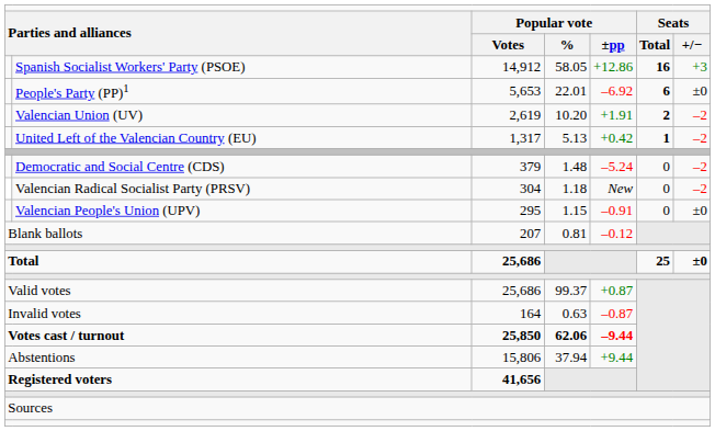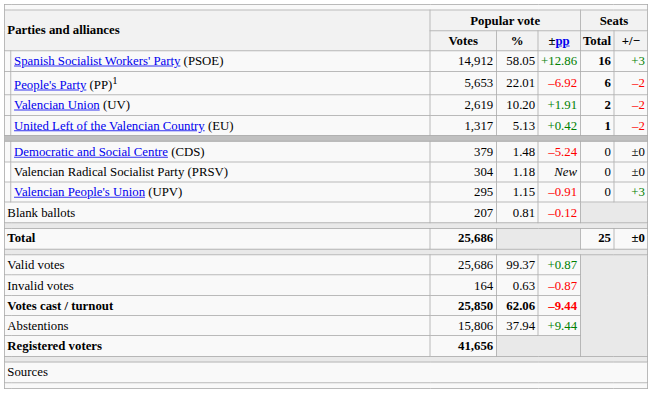 <table class="wikitable" style="text-align:right;">
 <tr>
 <td colspan="7"></td>
 </tr>
 <tr>
 <th style="text-align:left;" rowspan="2" colspan="2" width="525">Parties and alliances</th>
 <th colspan="3">Popular vote</th>
 <th colspan="2">Seats</th>
 </tr>
 <tr>
 <th width="75">Votes</th>
 <th width="45">%</th>
 <th width="45">±<a href='#'>pp</a></th>
 <th width="35">Total</th>
 <th width="35">+/−</th>
 </tr>
 <tr>
 <td width="1" style="color:inherit;background:"></td>
 <td align="left"><a href='#'>Spanish Socialist Workers' Party</a> (PSOE)</td>
 <td>14,912</td>
 <td>58.05</td>
 <td style="color:green;">+12.86</td>
 <td><strong>16</strong></td>
 <td style="color:green;">+3</td>
 </tr>
 <tr>
 <td style="color:inherit;background:"></td>
 <td align="left"><a href='#'>People's Party</a> (PP)<sup>1</sup></td>
 <td>5,653</td>
 <td>22.01</td>
 <td style="color:red;">–6.92</td>
 <td><strong>6</strong></td>
-<td>±0</td>
+<td style="color:red;">–2</td>
 </tr>
 <tr>
 <td style="color:inherit;background:"></td>
 <td align="left"><a href='#'>Valencian Union</a> (UV)</td>
 <td>2,619</td>
 <td>10.20</td>
 <td style="color:green;">+1.91</td>
 <td><strong>2</strong></td>
 <td style="color:red;">–2</td>
 </tr>
 <tr>
 <td style="color:inherit;background:"></td>
 <td align="left"><a href='#'>United Left of the Valencian Country</a> (EU)</td>
 <td>1,317</td>
 <td>5.13</td>
 <td style="color:green;">+0.42</td>
 <td><strong>1</strong></td>
 <td style="color:red;">–2</td>
 </tr>
 <tr>
 <td colspan="7" bgcolor="#C0C0C0"></td>
 </tr>
 <tr>
 <td style="color:inherit;background:"></td>
 <td align="left"><a href='#'>Democratic and Social Centre</a> (CDS)</td>
 <td>379</td>
 <td>1.48</td>
 <td style="color:red;">–5.24</td>
 <td>0</td>
-<td style="color:red;">–2</td>
+<td>±0</td>
 </tr>
 <tr>
 <td bgcolor="white"></td>
 <td align="left">Valencian Radical Socialist Party (PRSV)</td>
 <td>304</td>
 <td>1.18</td>
 <td><em>New</em></td>
 <td>0</td>
-<td style="color:red;">–2</td>
+<td>±0</td>
 </tr>
 <tr>
 <td style="color:inherit;background:"></td>
 <td align="left"><a href='#'>Valencian People's Union</a> (UPV)</td>
 <td>295</td>
 <td>1.15</td>
 <td style="color:red;">–0.91</td>
 <td>0</td>
-<td>±0</td>
+<td style="color:green;">+3</td>
 </tr>
 <tr>
 <td align="left" colspan="2">Blank ballots</td>
 <td>207</td>
 <td>0.81</td>
 <td style="color:red;">–0.12</td>
 <td bgcolor="#E9E9E9" colspan="2"></td>
 </tr>
 <tr>
 <td colspan="7" bgcolor="#E9E9E9"></td>
 </tr>
 <tr style="font-weight:bold;">
 <td align="left" colspan="2">Total</td>
 <td>25,686</td>
 <td bgcolor="#E9E9E9" colspan="2"></td>
 <td>25</td>
 <td>±0</td>
 </tr>
 <tr>
 <td colspan="7" bgcolor="#E9E9E9"></td>
 </tr>
 <tr>
 <td align="left" colspan="2">Valid votes</td>
 <td>25,686</td>
 <td>99.37</td>
 <td style="color:green;">+0.87</td>
 <td bgcolor="#E9E9E9" colspan="2" rowspan="5"></td>
 </tr>
 <tr>
 <td align="left" colspan="2">Invalid votes</td>
 <td>164</td>
 <td>0.63</td>
 <td style="color:red;">–0.87</td>
 </tr>
 <tr style="font-weight:bold;">
 <td align="left" colspan="2">Votes cast / turnout</td>
 <td>25,850</td>
 <td>62.06</td>
 <td style="color:red;">–9.44</td>
 </tr>
 <tr>
 <td align="left" colspan="2">Abstentions</td>
 <td>15,806</td>
 <td>37.94</td>
 <td style="color:green;">+9.44</td>
 </tr>
 <tr style="font-weight:bold;">
 <td align="left" colspan="2">Registered voters</td>
 <td>41,656</td>
 <td bgcolor="#E9E9E9" colspan="2"></td>
 </tr>
 <tr>
 <td colspan="7" bgcolor="#E9E9E9"></td>
 </tr>
 <tr>
 <td align="left" colspan="7">Sources</td>
 </tr>
 <tr>
 <td colspan="7" style="text-align:left; max-width:790px;"></td>
 </tr>
 </table>
